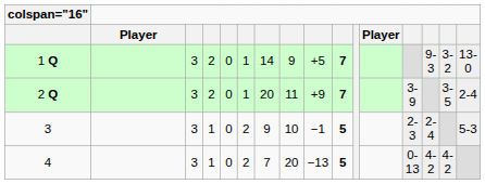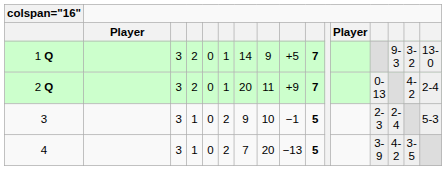 <table class=wikitable style=text-align:center>
 <tr>
 <th>colspan="16" </th>
 </tr>
 <tr>
 <th width=20 abbr=Position></th>
 <th width=175>Player</th>
 <th width=20 abbr=Played></th>
 <th width=20 abbr=Won></th>
 <th width=20 abbr=Drawn></th>
 <th width=20 abbr=Lost></th>
 <th width=30 abbr=Points for></th>
 <th width=30 abbr=Points against></th>
 <th width=30 abbr=Points difference></th>
 <th width=30 abbr=Points></th>
 <th rowspan="5" abbr=H2H></th>
 <th>Player</th>
 <th></th>
 <th></th>
 <th></th>
 <th></th>
 </tr>
 <tr bgcolor=#CCFFCC>
 <td>1 <strong>Q</strong></td>
 <td align=left><strong></strong></td>
 <td>3</td>
 <td>2</td>
 <td>0</td>
 <td>1</td>
 <td>14</td>
 <td>9</td>
 <td>+5</td>
 <td><strong>7</strong></td>
 <td></td>
 <td bgcolor="#dddddd"> </td>
 <td bgcolor="#efefef">9-3</td>
 <td bgcolor="#efefef">3-2</td>
 <td bgcolor="#efefef">13-0</td>
 </tr>
 <tr bgcolor=#CCFFCC>
 <td>2 <strong>Q</strong> </td>
 <td align=left><strong></strong></td>
 <td>3</td>
 <td>2</td>
 <td>0</td>
 <td>1</td>
 <td>20</td>
 <td>11</td>
 <td>+9</td>
 <td><strong>7</strong></td>
 <td></td>
-<td bgcolor="#efefef">3-9</td>
+<td bgcolor="#efefef">0-13</td>
 <td bgcolor="#dddddd"> </td>
-<td bgcolor="#efefef">3-5</td>
+<td bgcolor="#efefef">4-2</td>
 <td bgcolor="#efefef">2-4</td>
 </tr>
 <tr>
 <td>3 </td>
 <td align=left></td>
 <td>3</td>
 <td>1</td>
 <td>0</td>
 <td>2</td>
 <td>9</td>
 <td>10</td>
 <td>−1</td>
 <td><strong>5</strong></td>
 <td></td>
 <td bgcolor="#efefef">2-3</td>
 <td bgcolor="#efefef">2-4</td>
 <td bgcolor="#dddddd"> </td>
 <td bgcolor="#efefef">5-3</td>
 </tr>
 <tr>
 <td>4 </td>
 <td align=left></td>
 <td>3</td>
 <td>1</td>
 <td>0</td>
 <td>2</td>
 <td>7</td>
 <td>20</td>
 <td>−13</td>
 <td><strong>5</strong></td>
 <td></td>
-<td bgcolor="#efefef">0-13</td>
+<td bgcolor="#efefef">3-9</td>
 <td bgcolor="#efefef">4-2</td>
-<td bgcolor="#efefef">4-2</td>
+<td bgcolor="#efefef">3-5</td>
 <td bgcolor="#dddddd"> </td>
 </tr>
 </table>
